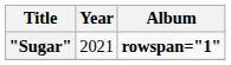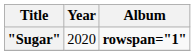 <table class="wikitable plainrowheaders" style="text-align:center;">
 <tr>
 <th scope="col" rowspan="1">Title</th>
 <th scope="col" rowspan="1">Year</th>
 <th scope="col" rowspan="1">Album</th>
 </tr>
 <tr>
 <th scope="row">"Sugar"<br></th>
-<td rowspan="1">2021</td>
+<td rowspan="1">2020</td>
 <td><strong>rowspan="1" </strong></td>
 </tr>
 <tr>
 </tr>
 </table>
